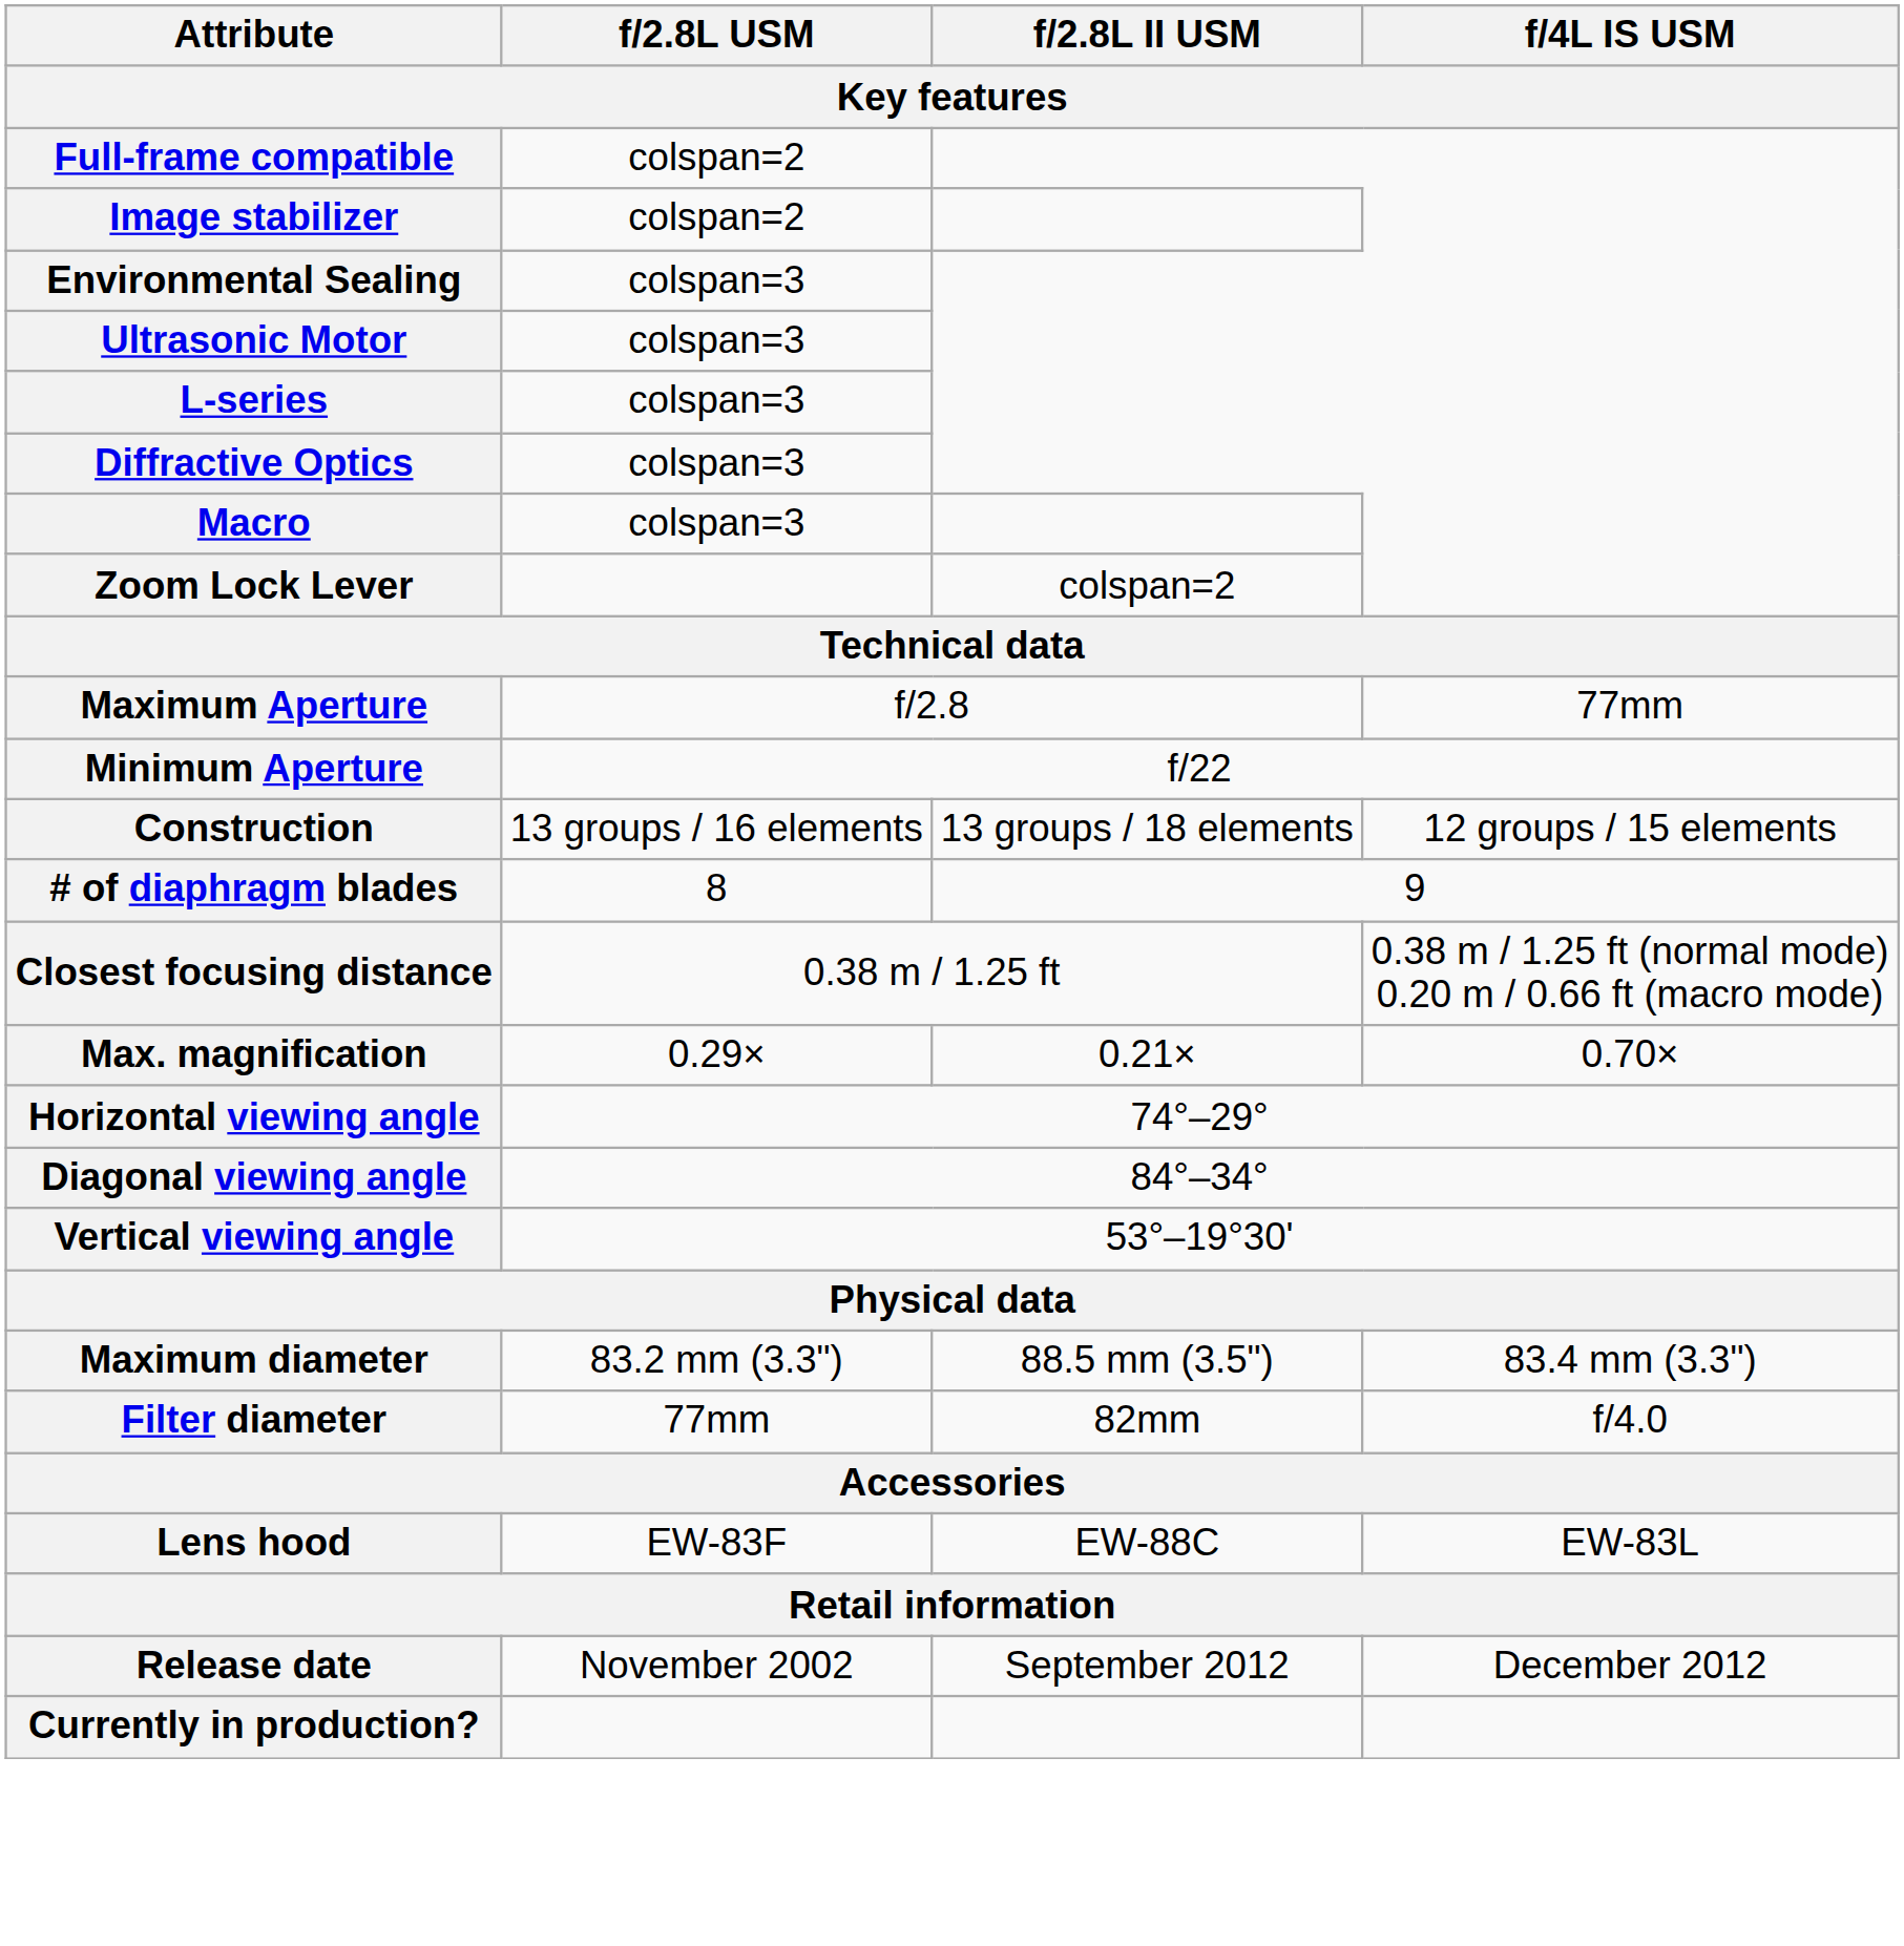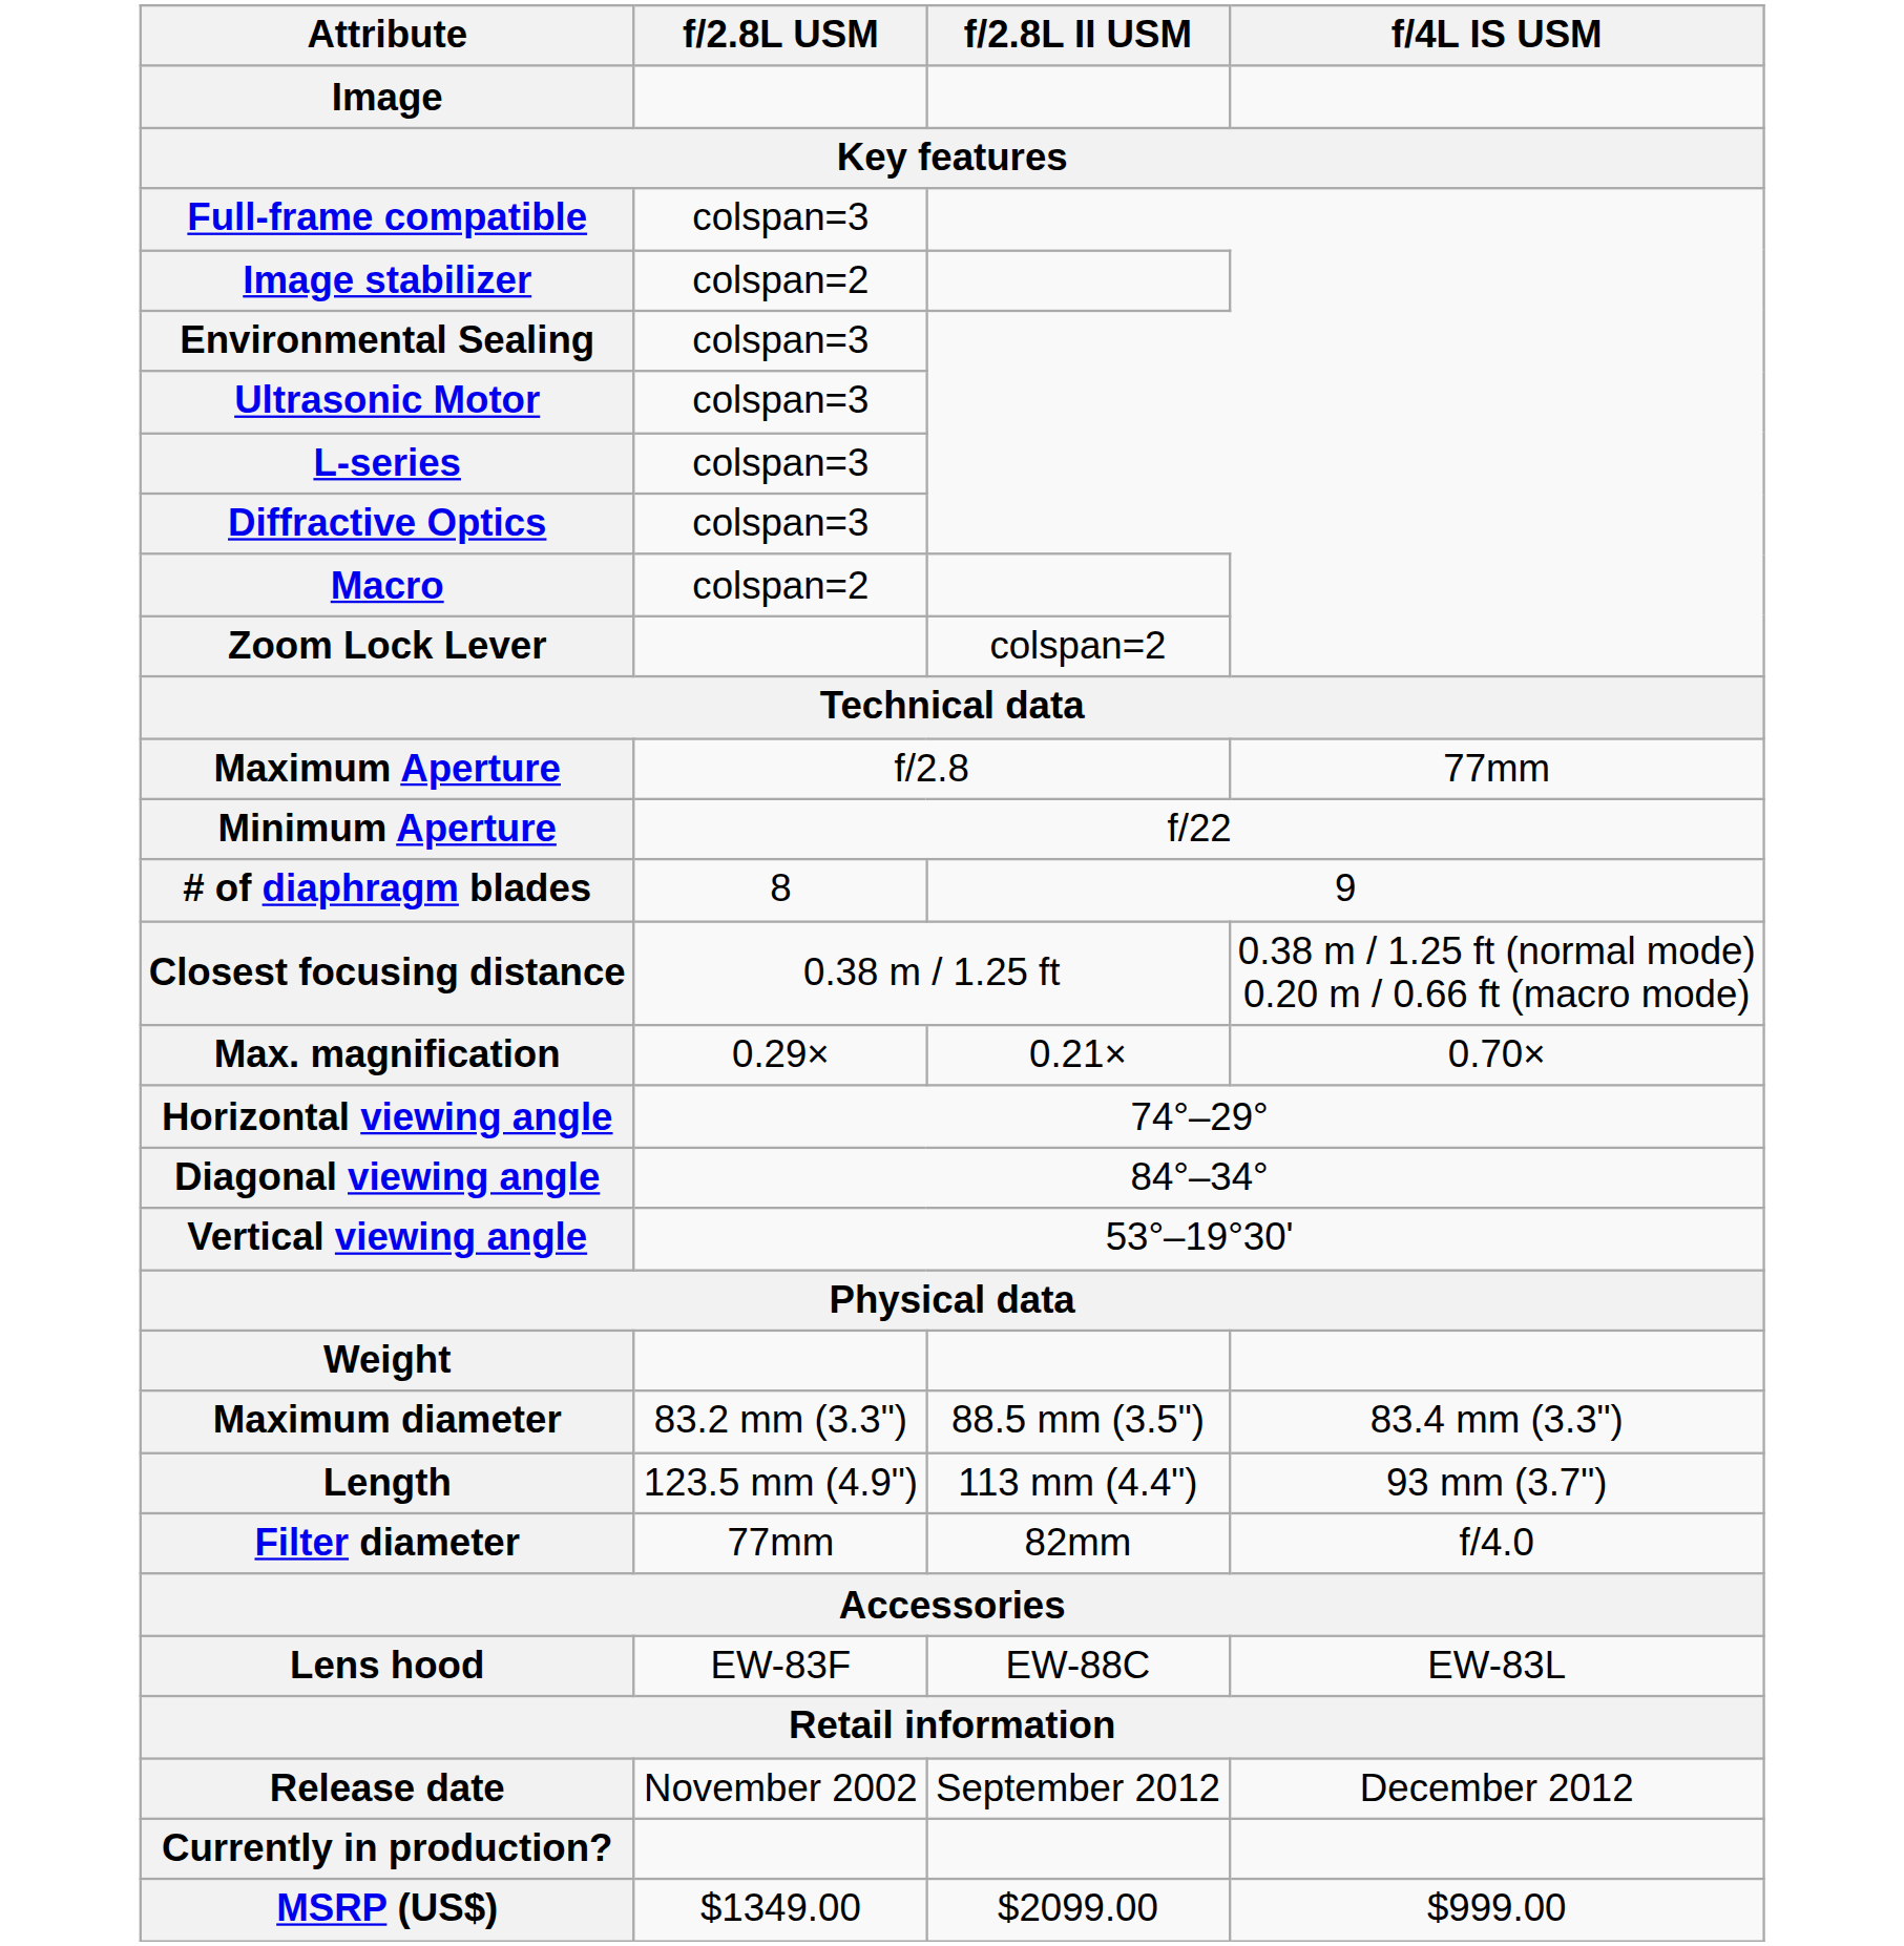 <table class="wikitable" style="margin: 1em auto; text-align:center;">
 <tr>
 <th>Attribute</th>
 <th>f/2.8L USM</th>
 <th>f/2.8L II USM</th>
 <th>f/4L IS USM</th>
 </tr>
 <tr>
+<th>Image</th>
+<td></td>
+<td></td>
+<td></td>
+</tr>
+<tr>
 <th colspan=4>Key features</th>
 </tr>
 <tr>
 <th><a href='#'>Full-frame compatible</a></th>
-<td>colspan=2 </td>
+<td>colspan=3 </td>
 </tr>
 <tr>
 <th><a href='#'>Image stabilizer</a></th>
 <td>colspan=2 </td>
 <td></td>
 </tr>
 <tr>
 <th>Environmental Sealing</th>
 <td>colspan=3 </td>
 </tr>
 <tr>
 <th><a href='#'>Ultrasonic Motor</a></th>
 <td>colspan=3 </td>
 </tr>
 <tr>
 <th><a href='#'>L-series</a></th>
 <td>colspan=3 </td>
 </tr>
 <tr>
 <th><a href='#'>Diffractive Optics</a></th>
 <td>colspan=3 </td>
 </tr>
 <tr>
 <th><a href='#'>Macro</a></th>
-<td>colspan=3 </td>
+<td>colspan=2 </td>
 <td></td>
 </tr>
 <tr>
 <th>Zoom Lock Lever</th>
 <td></td>
 <td>colspan=2 </td>
 </tr>
 <tr>
 <th colspan=4>Technical data</th>
 </tr>
 <tr>
 <th>Maximum <a href='#'>Aperture</a></th>
 <td colspan=2>f/2.8</td>
 <td>77mm</td>
 </tr>
 <tr>
 <th>Minimum <a href='#'>Aperture</a></th>
 <td colspan=3>f/22</td>
-</tr>
-<tr>
-<th>Construction</th>
-<td>13 groups / 16 elements</td>
-<td>13 groups / 18 elements</td>
-<td>12 groups / 15 elements</td>
 </tr>
 <tr>
 <th># of <a href='#'>diaphragm</a> blades</th>
 <td>8</td>
 <td colspan=2>9</td>
 </tr>
 <tr>
 <th>Closest focusing distance</th>
 <td colspan=2>0.38 m / 1.25 ft</td>
 <td>0.38 m / 1.25 ft (normal mode)<br>0.20 m / 0.66 ft (macro mode)</td>
 </tr>
 <tr>
 <th>Max. magnification</th>
 <td>0.29×</td>
 <td>0.21×</td>
 <td>0.70×</td>
 </tr>
 <tr>
 <th>Horizontal <a href='#'>viewing angle</a></th>
 <td colspan=3>74°–29°</td>
 </tr>
 <tr>
 <th>Diagonal <a href='#'>viewing angle</a></th>
 <td colspan=3>84°–34°</td>
 </tr>
 <tr>
 <th>Vertical <a href='#'>viewing angle</a></th>
 <td colspan=3>53°–19°30'</td>
 </tr>
 <tr>
 <th colspan=4>Physical data</th>
 </tr>
 <tr>
+<th>Weight</th>
+<td></td>
+<td></td>
+<td></td>
+</tr>
+<tr>
 <th>Maximum diameter</th>
 <td>83.2 mm (3.3")</td>
 <td>88.5 mm (3.5")</td>
 <td>83.4 mm (3.3")</td>
+</tr>
+<tr>
+<th>Length</th>
+<td>123.5 mm (4.9")</td>
+<td>113 mm (4.4")</td>
+<td>93 mm (3.7")</td>
 </tr>
 <tr>
 <th><a href='#'>Filter</a> diameter</th>
 <td>77mm</td>
 <td>82mm</td>
 <td>f/4.0</td>
 </tr>
 <tr>
 <th colspan=4>Accessories</th>
 </tr>
 <tr>
 <th>Lens hood</th>
 <td>EW-83F</td>
 <td>EW-88C</td>
 <td>EW-83L</td>
 </tr>
 <tr>
 <th colspan=4>Retail information</th>
 </tr>
 <tr>
 <th>Release date</th>
 <td>November 2002</td>
 <td>September 2012</td>
 <td>December 2012</td>
 </tr>
 <tr>
 <th>Currently in production?</th>
 <td></td>
 <td></td>
 <td></td>
 </tr>
+<tr>
+<th><a href='#'>MSRP</a> (US$)</th>
+<td>$1349.00</td>
+<td>$2099.00</td>
+<td>$999.00</td>
+</tr>
 </table>
